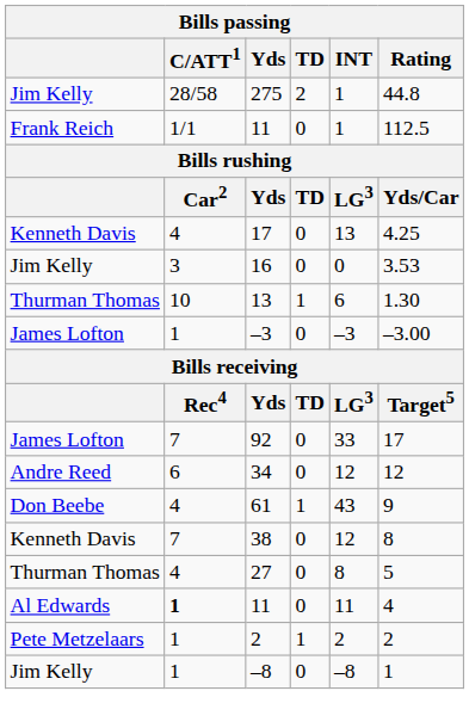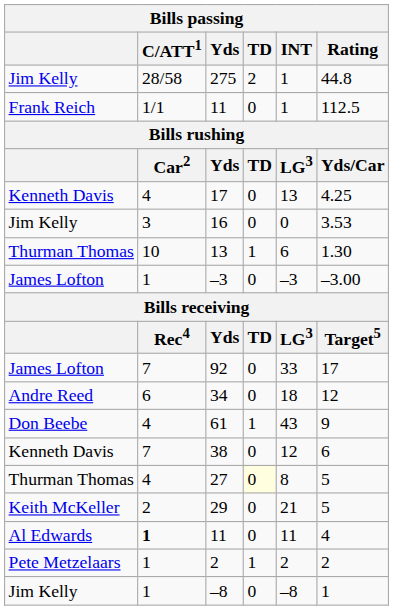 <table class="wikitable">
 <tr>
 <th colspan="6">Bills passing</th>
 </tr>
 <tr>
 <th></th>
 <th>C/ATT<sup>1</sup></th>
 <th>Yds</th>
 <th>TD</th>
 <th>INT</th>
 <th>Rating</th>
 </tr>
 <tr>
 <td><a href='#'>Jim Kelly</a></td>
 <td>28/58</td>
 <td>275</td>
 <td>2</td>
 <td>1</td>
 <td>44.8</td>
 </tr>
 <tr>
 <td><a href='#'>Frank Reich</a></td>
 <td>1/1</td>
 <td>11</td>
 <td>0</td>
 <td>1</td>
 <td>112.5</td>
 </tr>
 <tr>
 <th colspan="6">Bills rushing</th>
 </tr>
 <tr>
 <th></th>
 <th>Car<sup>2</sup></th>
 <th>Yds</th>
 <th>TD</th>
 <th>LG<sup>3</sup></th>
 <th>Yds/Car</th>
 </tr>
 <tr>
 <td><a href='#'>Kenneth Davis</a></td>
 <td>4</td>
 <td>17</td>
 <td>0</td>
 <td>13</td>
 <td>4.25</td>
 </tr>
 <tr>
 <td>Jim Kelly</td>
 <td>3</td>
 <td>16</td>
 <td>0</td>
 <td>0</td>
 <td>3.53</td>
 </tr>
 <tr>
 <td><a href='#'>Thurman Thomas</a></td>
 <td>10</td>
 <td>13</td>
 <td>1</td>
 <td>6</td>
 <td>1.30</td>
 </tr>
 <tr>
 <td><a href='#'>James Lofton</a></td>
 <td>1</td>
 <td>–3</td>
 <td>0</td>
 <td>–3</td>
 <td>–3.00</td>
 </tr>
 <tr>
 <th colspan="6">Bills receiving</th>
 </tr>
 <tr>
 <th></th>
 <th>Rec<sup>4</sup></th>
 <th>Yds</th>
 <th>TD</th>
 <th>LG<sup>3</sup></th>
 <th>Target<sup>5</sup></th>
 </tr>
 <tr>
 <td><a href='#'>James Lofton</a></td>
 <td>7</td>
 <td>92</td>
 <td>0</td>
 <td>33</td>
 <td>17</td>
 </tr>
 <tr>
 <td><a href='#'>Andre Reed</a></td>
 <td>6</td>
 <td>34</td>
 <td>0</td>
-<td>12</td>
+<td>18</td>
 <td>12</td>
 </tr>
 <tr>
 <td><a href='#'>Don Beebe</a></td>
 <td>4</td>
 <td>61</td>
 <td>1</td>
 <td>43</td>
 <td>9</td>
 </tr>
 <tr>
 <td>Kenneth Davis</td>
 <td>7</td>
 <td>38</td>
 <td>0</td>
 <td>12</td>
-<td>8</td>
+<td>6</td>
 </tr>
 <tr>
 <td>Thurman Thomas</td>
 <td>4</td>
 <td>27</td>
+<td style="background: lightyellow;">0</td>
+<td>8</td>
+<td>5</td>
+</tr>
+<tr>
+<td><a href='#'>Keith McKeller</a></td>
+<td>2</td>
+<td>29</td>
 <td>0</td>
-<td>8</td>
+<td>21</td>
 <td>5</td>
 </tr>
 <tr>
 <td><a href='#'>Al Edwards</a></td>
 <td><strong>1</strong></td>
 <td>11</td>
 <td>0</td>
 <td>11</td>
 <td>4</td>
 </tr>
 <tr>
 <td><a href='#'>Pete Metzelaars</a></td>
 <td>1</td>
 <td>2</td>
 <td>1</td>
 <td>2</td>
 <td>2</td>
 </tr>
 <tr>
 <td>Jim Kelly</td>
 <td>1</td>
 <td>–8</td>
 <td>0</td>
 <td>–8</td>
 <td>1</td>
 </tr>
 </table>
